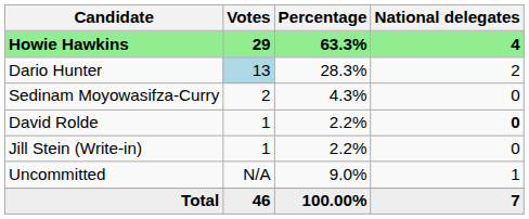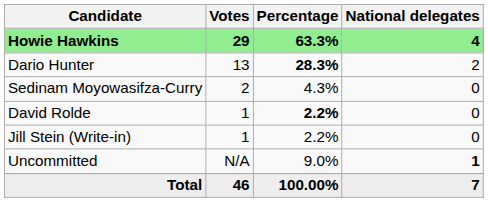 <table class="wikitable" style="text-align:right;">
 <tr>
 <th>Candidate</th>
 <th>Votes</th>
 <th>Percentage</th>
 <th>National delegates</th>
 </tr>
 <tr style="background:lightgreen;">
 <td style="text-align:left;"><strong>Howie Hawkins</strong></td>
 <td><strong>29</strong></td>
 <td><strong>63.3%</strong></td>
 <td><strong>4</strong></td>
 </tr>
 <tr>
 <td style="text-align:left;">Dario Hunter</td>
-<td style="background: lightblue;">13</td>
-<td>28.3%</td>
+<td>13</td>
+<td><strong>28.3%</strong></td>
 <td>2</td>
 </tr>
 <tr>
 <td style="text-align:left;">Sedinam Moyowasifza-Curry</td>
 <td>2</td>
 <td>4.3%</td>
 <td>0</td>
 </tr>
 <tr>
 <td style="text-align:left;">David Rolde</td>
 <td>1</td>
-<td>2.2%</td>
-<td><strong>0</strong></td>
+<td><strong>2.2%</strong></td>
+<td>0</td>
 </tr>
 <tr>
 <td style="text-align:left;">Jill Stein (Write-in)</td>
 <td>1</td>
 <td>2.2%</td>
 <td>0</td>
 </tr>
 <tr>
 <td style="text-align:left;">Uncommitted</td>
 <td>N/A</td>
 <td>9.0%</td>
-<td>1</td>
+<td><strong>1</strong></td>
 </tr>
 <tr>
 </tr>
 <tr style="background:#eee;">
 <td style="margin-right:0.50px"><strong>Total</strong></td>
 <td style="margin-right:0.50px"><strong>46</strong></td>
 <td style="margin-right:0.50px"><strong>100.00%</strong></td>
 <td style="margin-right:0.50px"><strong>7</strong></td>
 </tr>
 </table>
